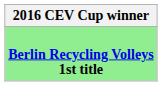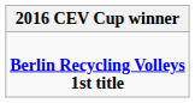 <table class=wikitable style="text-align:center; margin:auto">
 <tr>
 <th>2016 CEV Cup winner</th>
 </tr>
 <tr>
-<td style="background: lightgreen;"><br><strong><a href='#'>Berlin Recycling Volleys</a></strong><br> <strong>1st title</strong></td>
+<td><br><strong><a href='#'>Berlin Recycling Volleys</a></strong><br> <strong>1st title</strong></td>
 </tr>
 </table>
